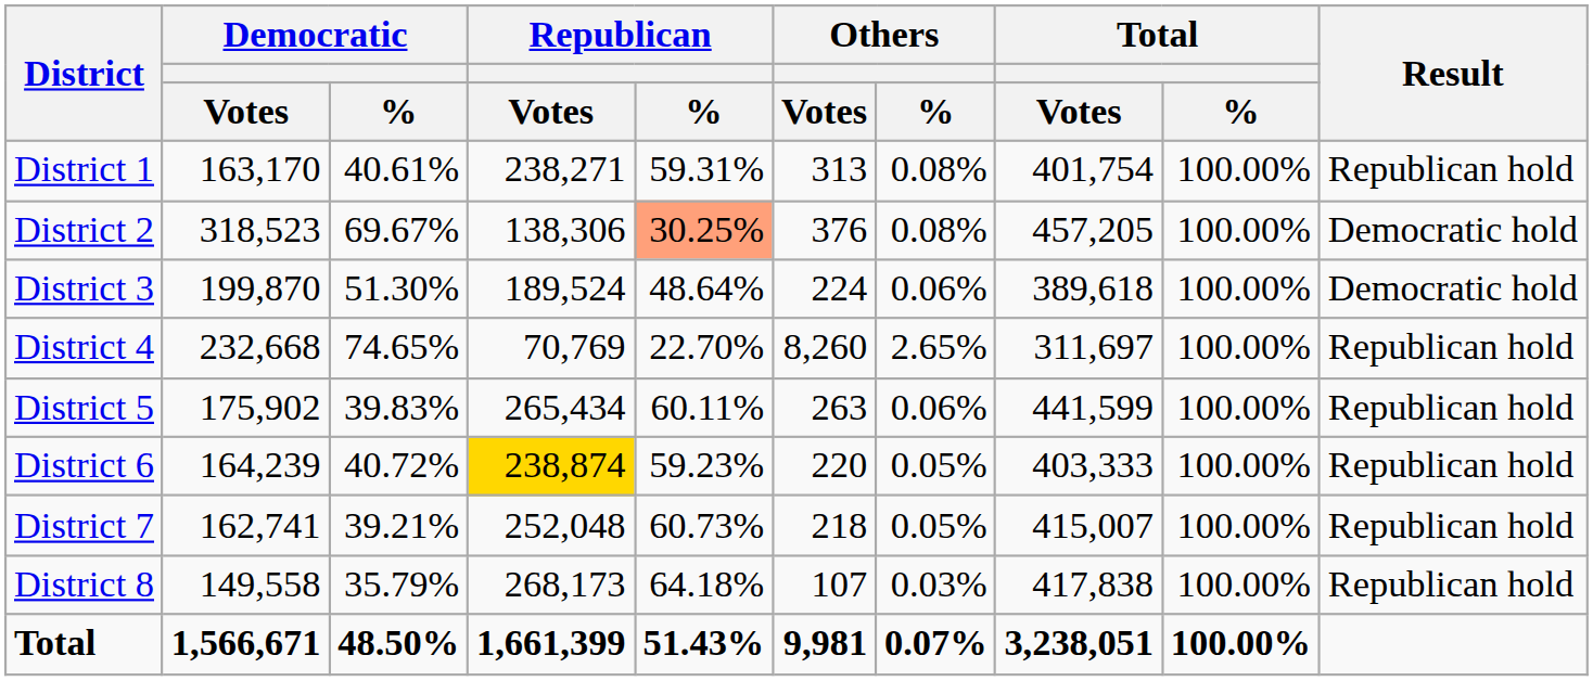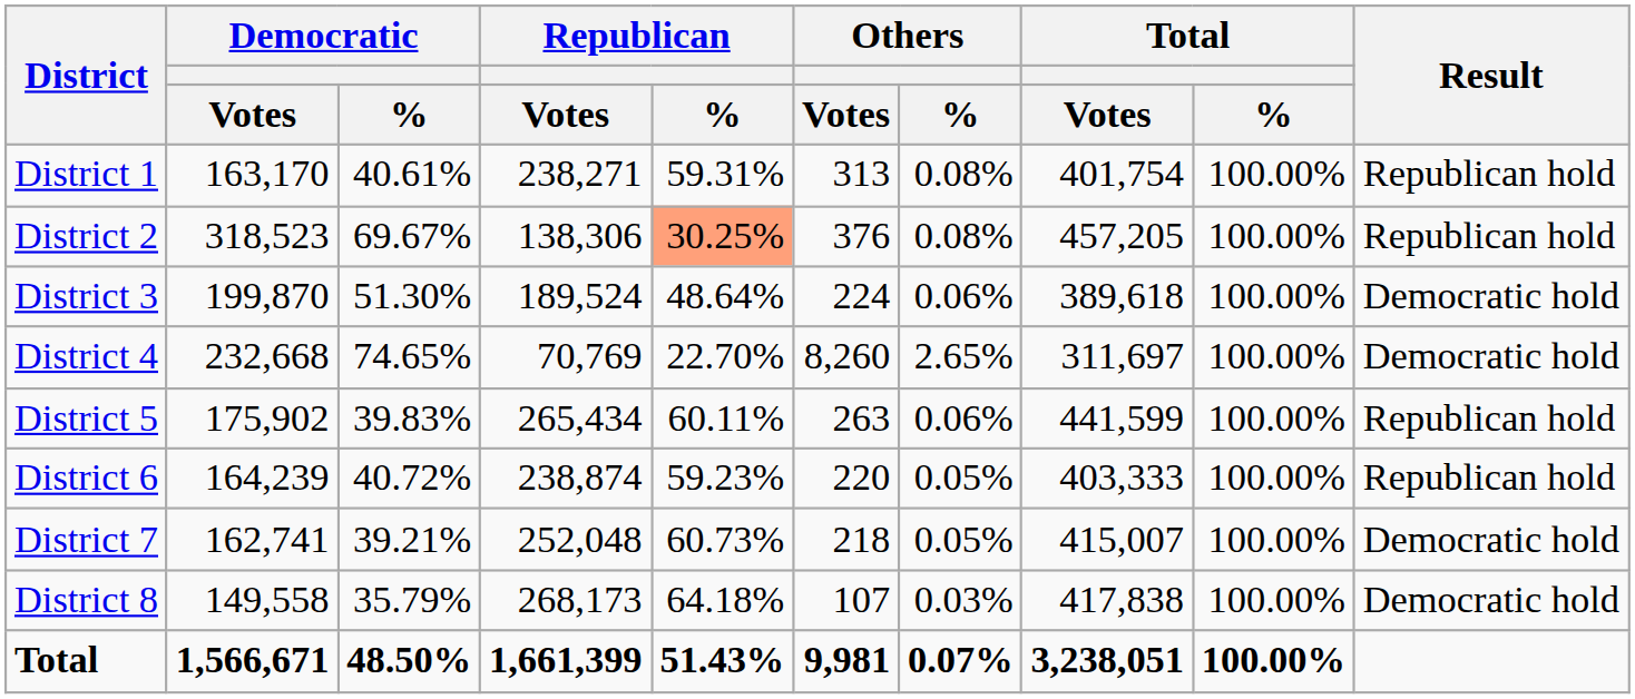 <table class="wikitable plainrowheaders sortable" style="font-size:100%; text-align:right;">
 <tr>
 <th scope=col rowspan=3><a href='#'>District</a></th>
 <th scope=col colspan=2><a href='#'>Democratic</a></th>
 <th scope=col colspan=2><a href='#'>Republican</a></th>
 <th scope=col colspan=2>Others</th>
 <th scope=col colspan=2>Total</th>
 <th scope=col rowspan=3>Result</th>
 </tr>
 <tr>
 <th scope=col colspan=2 style="background:"></th>
 <th scope=col colspan=2 style="background:"></th>
 <th scope=col colspan=2></th>
 <th scope=col colspan=2></th>
 </tr>
 <tr>
 <th scope=col data-sort-type="number">Votes</th>
 <th scope=col data-sort-type="number">%</th>
 <th scope=col data-sort-type="number">Votes</th>
 <th scope=col data-sort-type="number">%</th>
 <th scope=col data-sort-type="number">Votes</th>
 <th scope=col data-sort-type="number">%</th>
 <th scope=col data-sort-type="number">Votes</th>
 <th scope=col data-sort-type="number">%</th>
 </tr>
 <tr>
 <td align=left><a href='#'>District 1</a></td>
 <td>163,170</td>
 <td>40.61%</td>
 <td>238,271</td>
 <td>59.31%</td>
 <td>313</td>
 <td>0.08%</td>
 <td>401,754</td>
 <td>100.00%</td>
 <td align=left>Republican hold</td>
 </tr>
 <tr>
 <td align=left><a href='#'>District 2</a></td>
 <td>318,523</td>
 <td>69.67%</td>
 <td>138,306</td>
 <td style="background: lightsalmon;">30.25%</td>
 <td>376</td>
 <td>0.08%</td>
 <td>457,205</td>
 <td>100.00%</td>
-<td align=left>Democratic hold</td>
+<td align=left>Republican hold</td>
 </tr>
 <tr>
 <td align=left><a href='#'>District 3</a></td>
 <td>199,870</td>
 <td>51.30%</td>
 <td>189,524</td>
 <td>48.64%</td>
 <td>224</td>
 <td>0.06%</td>
 <td>389,618</td>
 <td>100.00%</td>
 <td align=left>Democratic hold</td>
 </tr>
 <tr>
 <td align=left><a href='#'>District 4</a></td>
 <td>232,668</td>
 <td>74.65%</td>
 <td>70,769</td>
 <td>22.70%</td>
 <td>8,260</td>
 <td>2.65%</td>
 <td>311,697</td>
 <td>100.00%</td>
-<td align=left>Republican hold</td>
+<td align=left>Democratic hold</td>
 </tr>
 <tr>
 <td align=left><a href='#'>District 5</a></td>
 <td>175,902</td>
 <td>39.83%</td>
 <td>265,434</td>
 <td>60.11%</td>
 <td>263</td>
 <td>0.06%</td>
 <td>441,599</td>
 <td>100.00%</td>
 <td align=left>Republican hold</td>
 </tr>
 <tr>
 <td align=left><a href='#'>District 6</a></td>
 <td>164,239</td>
 <td>40.72%</td>
-<td style="background: gold;">238,874</td>
+<td>238,874</td>
 <td>59.23%</td>
 <td>220</td>
 <td>0.05%</td>
 <td>403,333</td>
 <td>100.00%</td>
 <td align=left>Republican hold</td>
 </tr>
 <tr>
 <td align=left><a href='#'>District 7</a></td>
 <td>162,741</td>
 <td>39.21%</td>
 <td>252,048</td>
 <td>60.73%</td>
 <td>218</td>
 <td>0.05%</td>
 <td>415,007</td>
 <td>100.00%</td>
-<td align=left>Republican hold</td>
+<td align=left>Democratic hold</td>
 </tr>
 <tr>
 <td align=left><a href='#'>District 8</a></td>
 <td>149,558</td>
 <td>35.79%</td>
 <td>268,173</td>
 <td>64.18%</td>
 <td>107</td>
 <td>0.03%</td>
 <td>417,838</td>
 <td>100.00%</td>
-<td align=left>Republican hold</td>
+<td align=left>Democratic hold</td>
 </tr>
 <tr class="sortbottom" style="font-weight:bold">
 <td align=left>Total</td>
 <td>1,566,671</td>
 <td>48.50%</td>
 <td>1,661,399</td>
 <td>51.43%</td>
 <td>9,981</td>
 <td>0.07%</td>
 <td>3,238,051</td>
 <td>100.00%</td>
 <td></td>
 </tr>
 </table>
